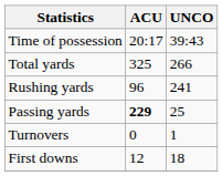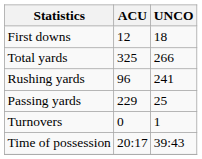 <table class="wikitable" style="float: left;">
 <tr>
 <th>Statistics</th>
 <th>ACU</th>
 <th>UNCO</th>
 </tr>
 <tr>
-<td>Time of possession</td>
-<td>20:17</td>
-<td>39:43</td>
+<td>First downs</td>
+<td>12</td>
+<td>18</td>
 </tr>
 <tr>
 <td>Total yards</td>
 <td>325</td>
 <td>266</td>
 </tr>
 <tr>
 <td>Rushing yards</td>
 <td>96</td>
 <td>241</td>
 </tr>
 <tr>
 <td>Passing yards</td>
-<td><strong>229</strong></td>
+<td>229</td>
 <td>25</td>
 </tr>
 <tr>
 <td>Turnovers</td>
 <td>0</td>
 <td>1</td>
 </tr>
 <tr>
-<td>First downs</td>
-<td>12</td>
-<td>18</td>
+<td>Time of possession</td>
+<td>20:17</td>
+<td>39:43</td>
 </tr>
 <tr>
 </tr>
 </table>
